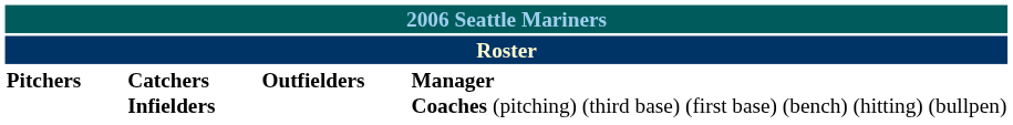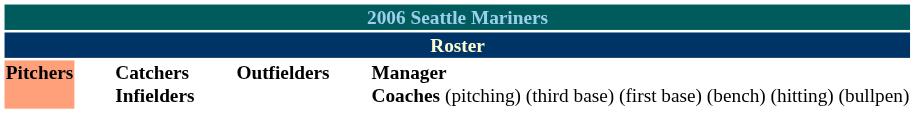 <table class="toccolours" style="font-size: 95%;">
 <tr>
 <th colspan="10" style="background-color: #005c5c; color:#9ECEEE; text-align: center;">2006 Seattle Mariners</th>
 </tr>
 <tr>
 <td colspan="10" style="background-color: #003366; color: #FFFDD0; text-align: center;"><strong>Roster</strong></td>
 </tr>
 <tr>
-<td valign="top"><strong>Pitchers</strong><br>                        </td>
+<td valign="top" style="background: lightsalmon;"><strong>Pitchers</strong><br>                        </td>
 <td width="25px"></td>
 <td valign="top"><strong>Catchers</strong><br>   <strong>Infielders</strong>         </td>
 <td width="25px"></td>
 <td valign="top"><strong>Outfielders</strong><br>           </td>
 <td width="25px"></td>
 <td valign="top"><strong>Manager</strong><br> <strong>Coaches</strong>  (pitching)  (third base)  (first base)  (bench)  (hitting)  (bullpen)</td>
 </tr>
 </table>
